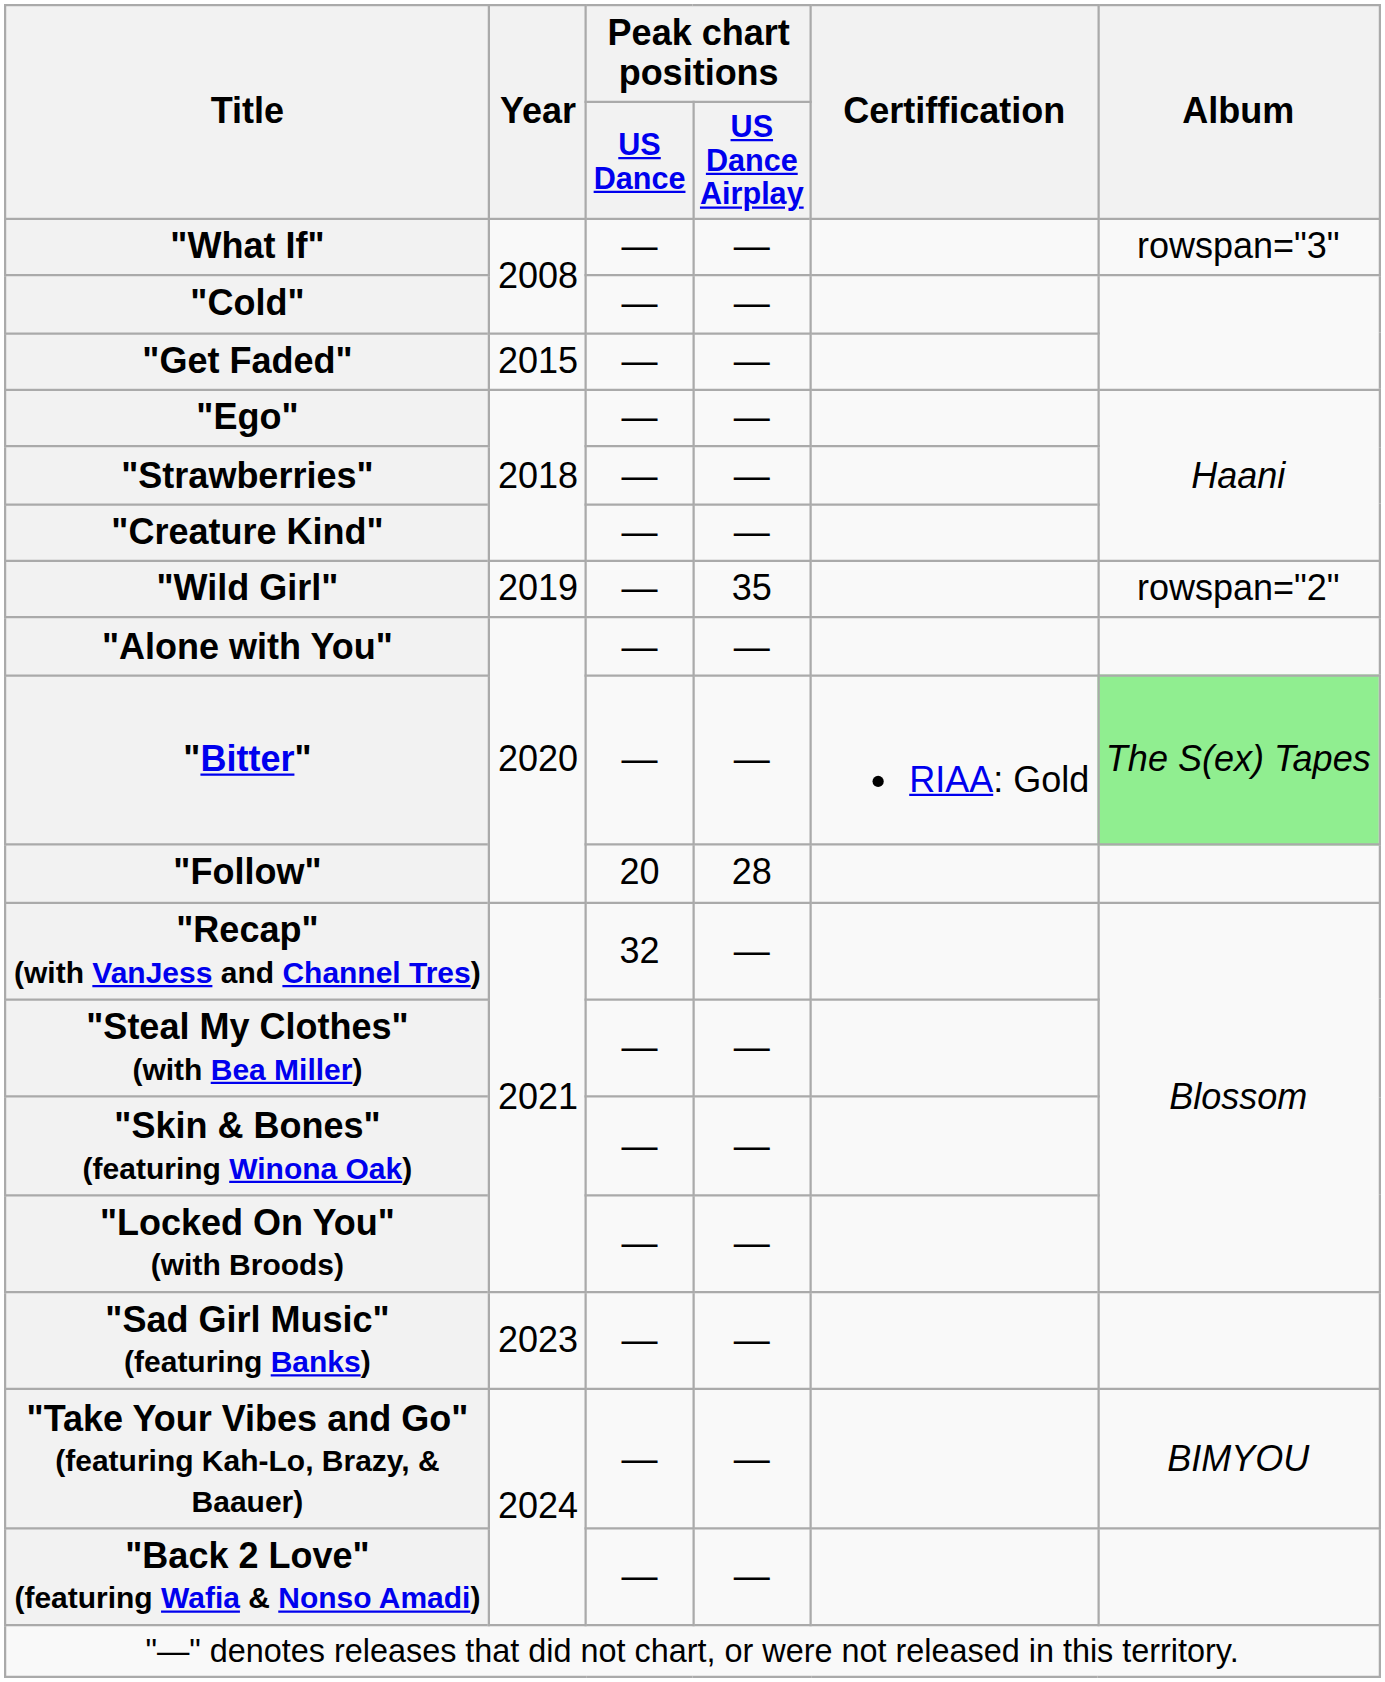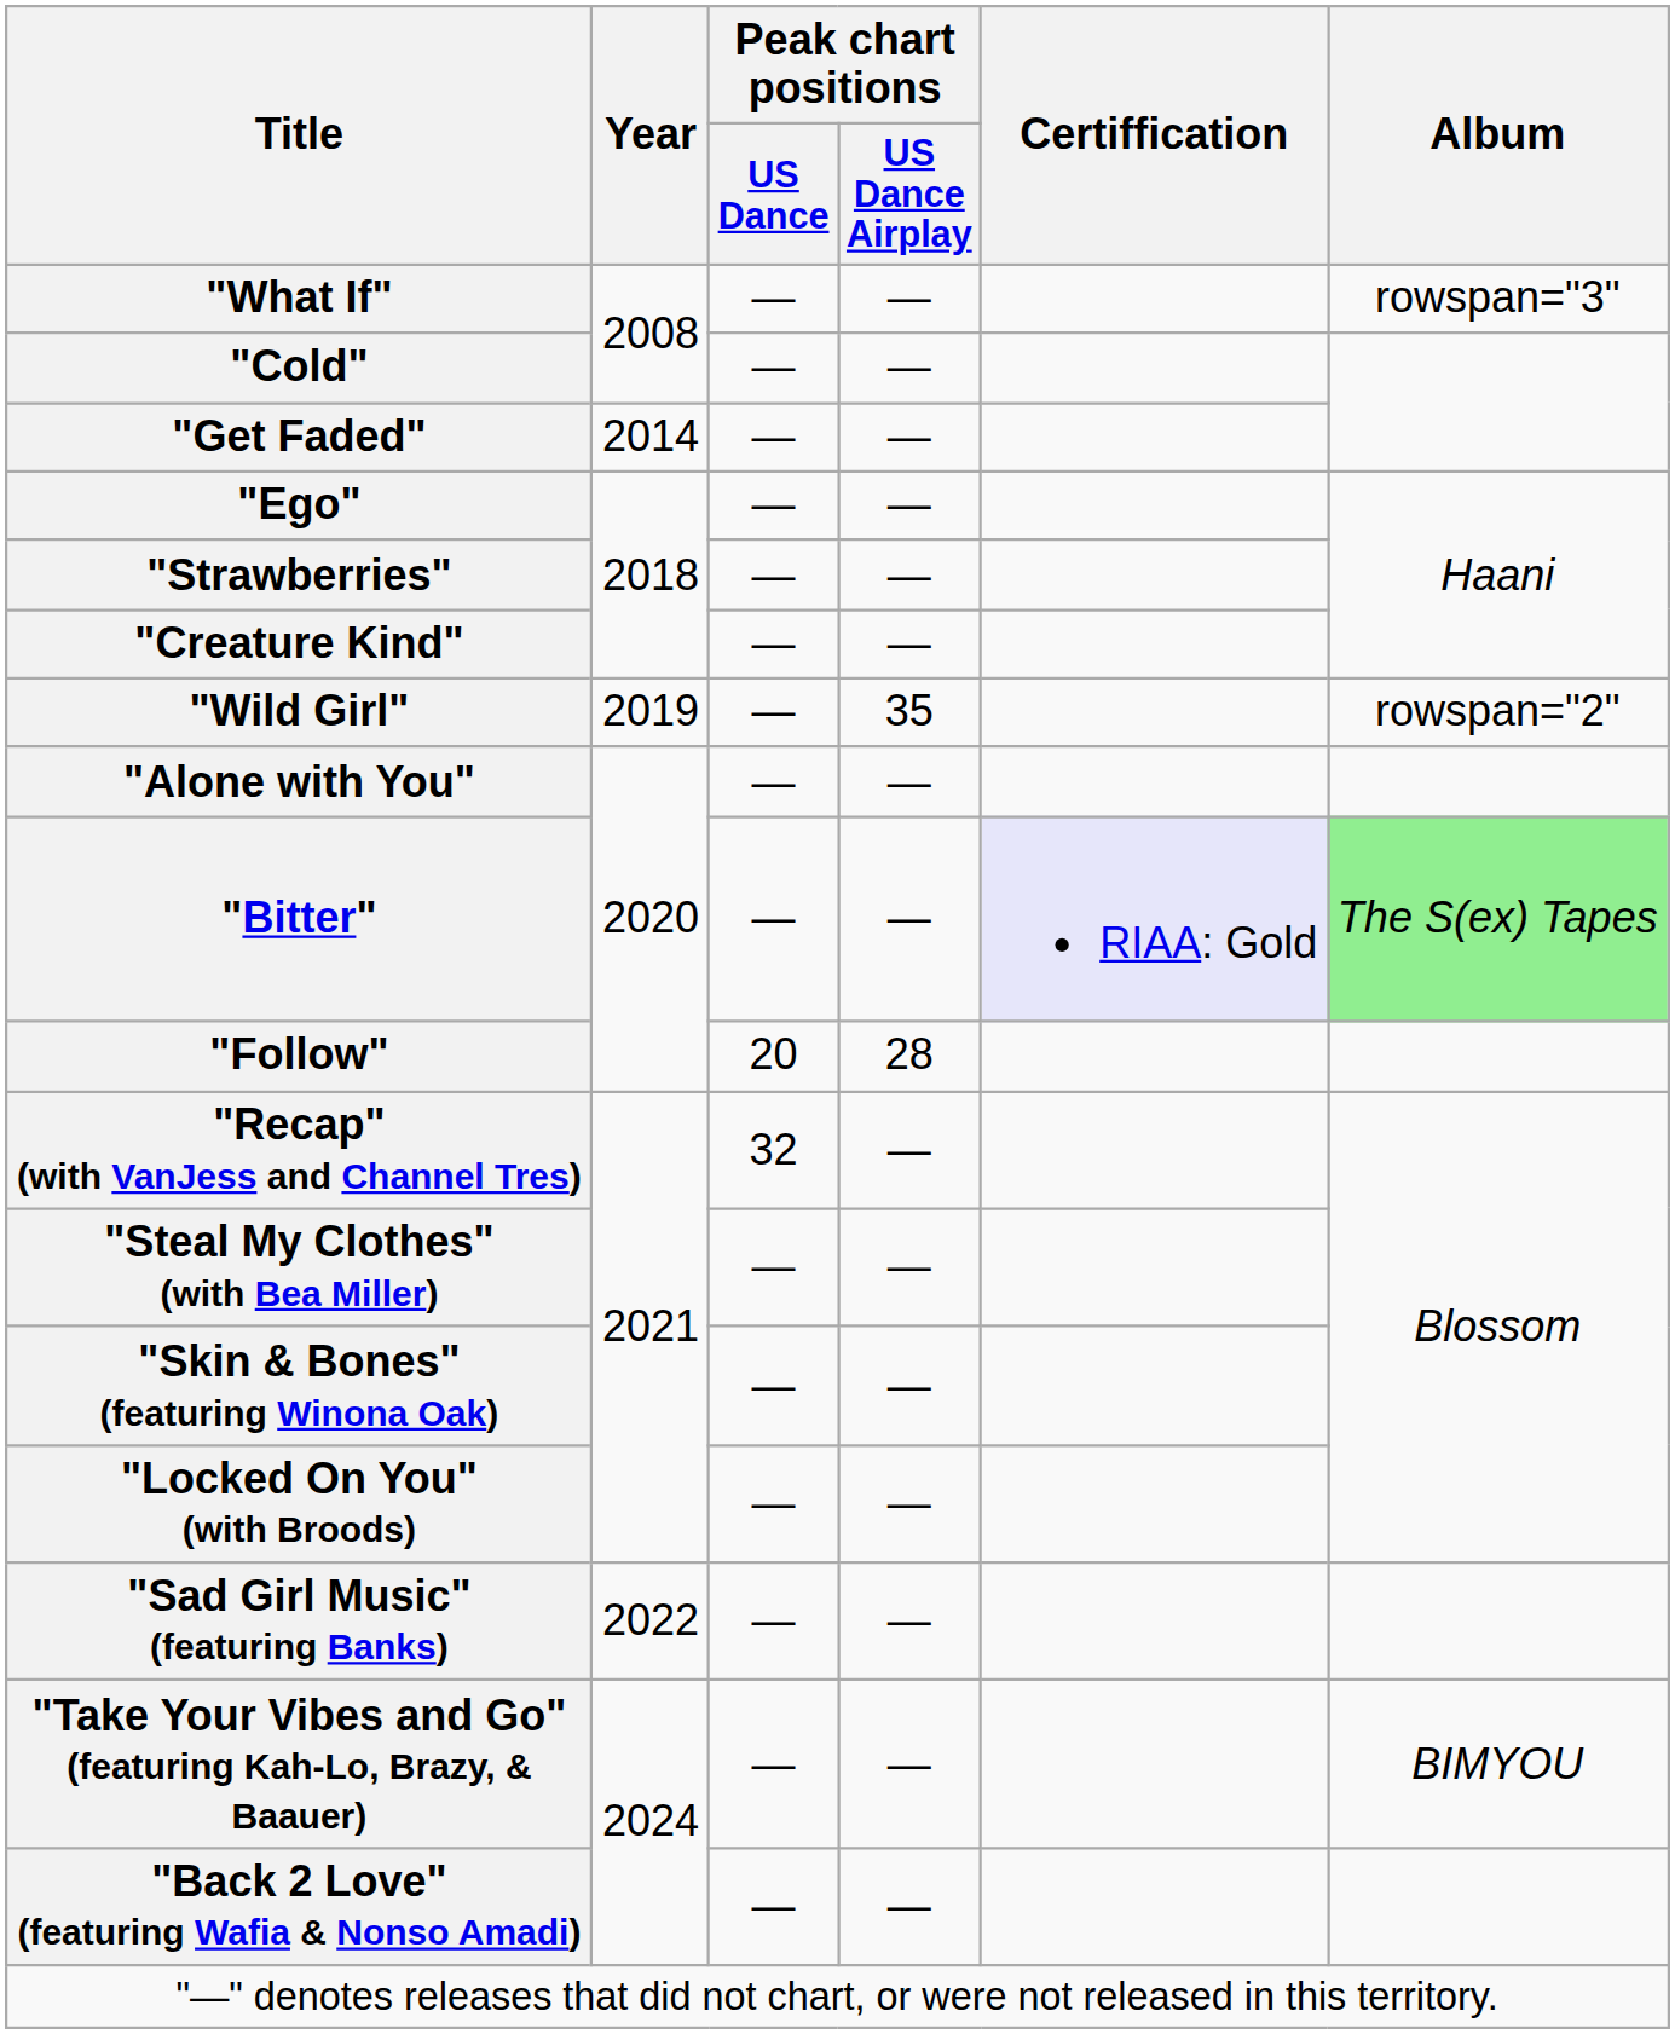 <table class="wikitable plainrowheaders" style="text-align:center;">
 <tr>
 <th scope="col" rowspan="2" style="width:13em;">Title</th>
 <th scope="col" rowspan="2">Year</th>
 <th scope="col" colspan="2">Peak chart positions</th>
 <th scope="col" rowspan="2">Certiffication</th>
 <th scope="col" rowspan="2">Album</th>
 </tr>
 <tr>
 <th scope="col" style="width:2.75em;font-size:85%;"><a href='#'>US<br>Dance</a><br></th>
 <th scope="col" style="width:2.75em;font-size:85%;"><a href='#'>US<br>Dance Airplay</a><br></th>
 </tr>
 <tr>
 <th scope="row">"What If"</th>
 <td rowspan="2">2008</td>
 <td>—</td>
 <td>—</td>
 <td></td>
 <td>rowspan="3" </td>
 </tr>
 <tr>
 <th scope="row">"Cold"</th>
 <td>—</td>
 <td>—</td>
 <td></td>
 </tr>
 <tr>
 <th scope="row">"Get Faded"<br></th>
-<td>2015</td>
+<td>2014</td>
 <td>—</td>
 <td>—</td>
 <td></td>
 </tr>
 <tr>
 <th scope="row">"Ego"</th>
 <td rowspan="3">2018</td>
 <td>—</td>
 <td>—</td>
 <td></td>
 <td rowspan="3"><em>Haani</em></td>
 </tr>
 <tr>
 <th scope="row">"Strawberries"<br></th>
 <td>—</td>
 <td>—</td>
 <td></td>
 </tr>
 <tr>
 <th scope="row">"Creature Kind"<br></th>
 <td>—</td>
 <td>—</td>
 <td></td>
 </tr>
 <tr>
 <th scope="row">"Wild Girl"<br></th>
 <td>2019</td>
 <td>—</td>
 <td>35</td>
 <td></td>
 <td>rowspan="2" </td>
 </tr>
 <tr>
 <th scope="row">"Alone with You"<br></th>
 <td rowspan="3">2020</td>
 <td>—</td>
 <td>—</td>
 <td></td>
 </tr>
 <tr>
 <th scope="row">"<a href='#'>Bitter</a>"<br></th>
 <td>—</td>
 <td>—</td>
-<td><br><ul><li><a href='#'>RIAA</a>: Gold</li></ul></td>
+<td style="background: lavender;"><br><ul><li><a href='#'>RIAA</a>: Gold</li></ul></td>
 <td style="background: lightgreen;"><em>The S(ex) Tapes</em></td>
 </tr>
 <tr>
 <th scope="row">"Follow"<br></th>
 <td>20</td>
 <td>28</td>
 <td></td>
 <td></td>
 </tr>
 <tr>
 <th scope="row">"Recap"<br><small>(with <a href='#'>VanJess</a> and <a href='#'>Channel Tres</a>)</small></th>
 <td rowspan="4">2021</td>
 <td>32</td>
 <td>—</td>
 <td></td>
 <td rowspan="4"><em>Blossom</em></td>
 </tr>
 <tr>
 <th scope="row">"Steal My Clothes" <br><small>(with <a href='#'>Bea Miller</a>)</small></th>
 <td>—</td>
 <td>—</td>
 <td></td>
 </tr>
 <tr>
 <th scope="row">"Skin & Bones"<br><small>(featuring <a href='#'>Winona Oak</a>)</small></th>
 <td>—</td>
 <td>—</td>
 <td></td>
 </tr>
 <tr>
 <th scope="row">"Locked On You" <br><small>(with Broods)</small></th>
 <td>—</td>
 <td>—</td>
 <td></td>
 </tr>
 <tr>
 <th scope="row">"Sad Girl Music" <br><small>(featuring <a href='#'>Banks</a>)</small></th>
-<td>2023</td>
+<td>2022</td>
 <td>—</td>
 <td>—</td>
 <td></td>
 <td></td>
 </tr>
 <tr>
 <th scope="row">"Take Your Vibes and Go" <br><small>(featuring Kah-Lo, Brazy, & Baauer)</small></th>
 <td rowspan="2">2024</td>
 <td>—</td>
 <td>—</td>
 <td></td>
 <td><em>BIMYOU</em></td>
 </tr>
 <tr>
 <th scope="row">"Back 2 Love" <br><small>(featuring <a href='#'>Wafia</a> & <a href='#'>Nonso Amadi</a>)</small></th>
 <td>—</td>
 <td>—</td>
 <td></td>
 </tr>
 <tr>
 <td colspan="14" style="font-size:90%">"—" denotes releases that did not chart, or were not released in this territory.</td>
 </tr>
 </table>
